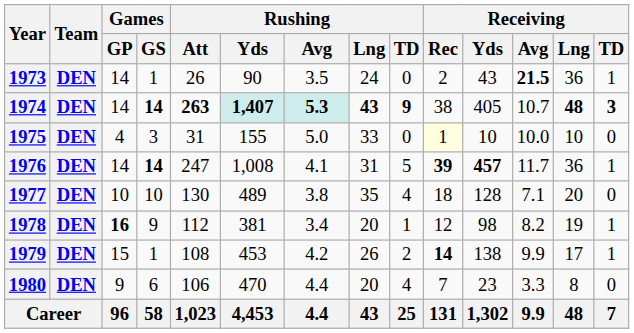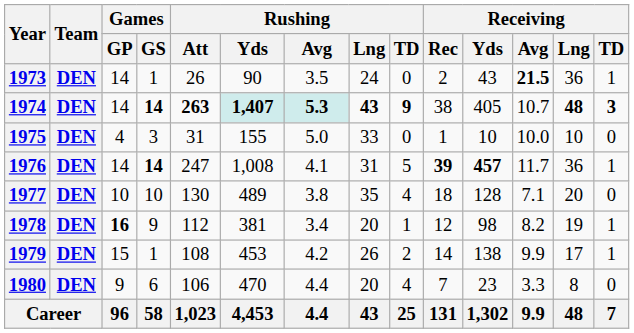 <table class=wikitable style="text-align:center">
 <tr>
 <th rowspan="2">Year</th>
 <th rowspan="2">Team</th>
 <th colspan="2">Games</th>
 <th colspan="5">Rushing</th>
 <th colspan="5">Receiving</th>
 </tr>
 <tr>
 <th>GP</th>
 <th>GS</th>
 <th>Att</th>
 <th>Yds</th>
 <th>Avg</th>
 <th>Lng</th>
 <th>TD</th>
 <th>Rec</th>
 <th>Yds</th>
 <th>Avg</th>
 <th>Lng</th>
 <th>TD</th>
 </tr>
 <tr>
 <th><a href='#'>1973</a></th>
 <th><a href='#'>DEN</a></th>
 <td>14</td>
 <td>1</td>
 <td>26</td>
 <td>90</td>
 <td>3.5</td>
 <td>24</td>
 <td>0</td>
 <td>2</td>
 <td>43</td>
 <td><strong>21.5</strong></td>
 <td>36</td>
 <td>1</td>
 </tr>
 <tr>
 <th><a href='#'>1974</a></th>
 <th><a href='#'>DEN</a></th>
 <td>14</td>
 <td><strong>14</strong></td>
 <td><strong>263</strong></td>
 <td style="background:#cfecec; width:3em;"><strong>1,407</strong></td>
 <td style="background:#cfecec; width:3em;"><strong>5.3</strong></td>
 <td><strong>43</strong></td>
 <td><strong>9</strong></td>
 <td>38</td>
 <td>405</td>
 <td>10.7</td>
 <td><strong>48</strong></td>
 <td><strong>3</strong></td>
 </tr>
 <tr>
 <th><a href='#'>1975</a></th>
 <th><a href='#'>DEN</a></th>
 <td>4</td>
 <td>3</td>
 <td>31</td>
 <td>155</td>
 <td>5.0</td>
 <td>33</td>
 <td>0</td>
-<td style="background: lightyellow;">1</td>
+<td>1</td>
 <td>10</td>
 <td>10.0</td>
 <td>10</td>
 <td>0</td>
 </tr>
 <tr>
 <th><a href='#'>1976</a></th>
 <th><a href='#'>DEN</a></th>
 <td>14</td>
 <td><strong>14</strong></td>
 <td>247</td>
 <td>1,008</td>
 <td>4.1</td>
 <td>31</td>
 <td>5</td>
 <td><strong>39</strong></td>
 <td><strong>457</strong></td>
 <td>11.7</td>
 <td>36</td>
 <td>1</td>
 </tr>
 <tr>
 <th><a href='#'>1977</a></th>
 <th><a href='#'>DEN</a></th>
 <td>10</td>
 <td>10</td>
 <td>130</td>
 <td>489</td>
 <td>3.8</td>
 <td>35</td>
 <td>4</td>
 <td>18</td>
 <td>128</td>
 <td>7.1</td>
 <td>20</td>
 <td>0</td>
 </tr>
 <tr>
 <th><a href='#'>1978</a></th>
 <th><a href='#'>DEN</a></th>
 <td><strong>16</strong></td>
 <td>9</td>
 <td>112</td>
 <td>381</td>
 <td>3.4</td>
 <td>20</td>
 <td>1</td>
 <td>12</td>
 <td>98</td>
 <td>8.2</td>
 <td>19</td>
 <td>1</td>
 </tr>
 <tr>
 <th><a href='#'>1979</a></th>
 <th><a href='#'>DEN</a></th>
 <td>15</td>
 <td>1</td>
 <td>108</td>
 <td>453</td>
 <td>4.2</td>
 <td>26</td>
 <td>2</td>
-<td><strong>14</strong></td>
+<td>14</td>
 <td>138</td>
 <td>9.9</td>
 <td>17</td>
 <td>1</td>
 </tr>
 <tr>
 <th><a href='#'>1980</a></th>
 <th><a href='#'>DEN</a></th>
 <td>9</td>
 <td>6</td>
 <td>106</td>
 <td>470</td>
 <td>4.4</td>
 <td>20</td>
 <td>4</td>
 <td>7</td>
 <td>23</td>
 <td>3.3</td>
 <td>8</td>
 <td>0</td>
 </tr>
 <tr>
 <th colspan="2">Career</th>
 <th>96</th>
 <th>58</th>
 <th>1,023</th>
 <th>4,453</th>
 <th>4.4</th>
 <th>43</th>
 <th>25</th>
 <th>131</th>
 <th>1,302</th>
 <th>9.9</th>
 <th>48</th>
 <th>7</th>
 </tr>
 </table>
